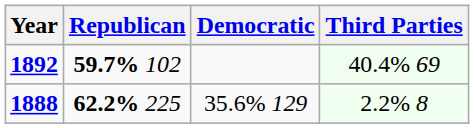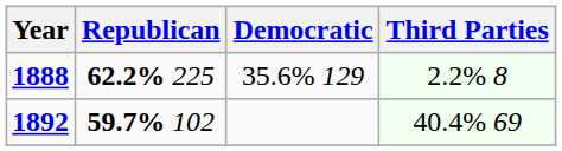 <table class="wikitable" style="float:right; font-size:95%;">
 <tr bgcolor=lightgrey>
 <th>Year</th>
 <th><a href='#'>Republican</a></th>
 <th><a href='#'>Democratic</a></th>
 <th><a href='#'>Third Parties</a></th>
 </tr>
 <tr>
+<td style="text-align:center; "><strong><a href='#'>1888</a></strong></td>
+<td style="text-align:center; "><strong>62.2%</strong> <em>225</em></td>
+<td style="text-align:center; ">35.6% <em>129</em></td>
+<td style="text-align:center; background:honeyDew;">2.2% <em>8</em></td>
+</tr>
+<tr>
 <td style="text-align:center; "><strong><a href='#'>1892</a></strong></td>
 <td style="text-align:center; "><strong>59.7%</strong> <em>102</em></td>
 <td></td>
 <td style="text-align:center; background:honeyDew;">40.4% <em>69</em></td>
 </tr>
-<tr>
-<td style="text-align:center; "><strong><a href='#'>1888</a></strong></td>
-<td style="text-align:center; "><strong>62.2%</strong> <em>225</em></td>
-<td style="text-align:center; ">35.6% <em>129</em></td>
-<td style="text-align:center; background:honeyDew;">2.2% <em>8</em></td>
-</tr>
 </table>
